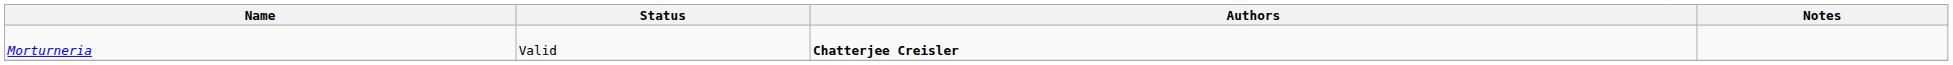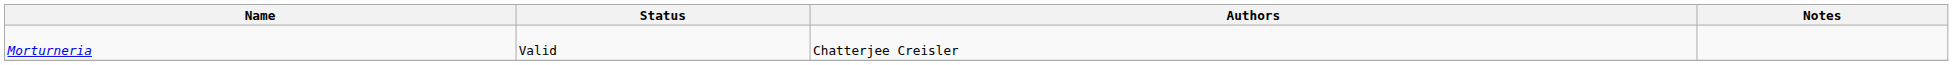 <table class="wikitable sortable" align="center" width="100%">
 <tr>
 <th>Name</th>
 <th>Status</th>
 <th colspan="2">Authors</th>
 <th>Notes</th>
 </tr>
 <tr>
 <td><br><em><a href='#'>Morturneria</a></em></td>
 <td><br>Valid</td>
-<td style="border-right:0px" valign="top"><strong><br>Chatterjee Creisler</strong></td>
+<td style="border-right:0px" valign="top"><br>Chatterjee Creisler</td>
 <td style="border-left:0px" valign="top"></td>
 <td></td>
 </tr>
 <tr>
 </tr>
 </table>
